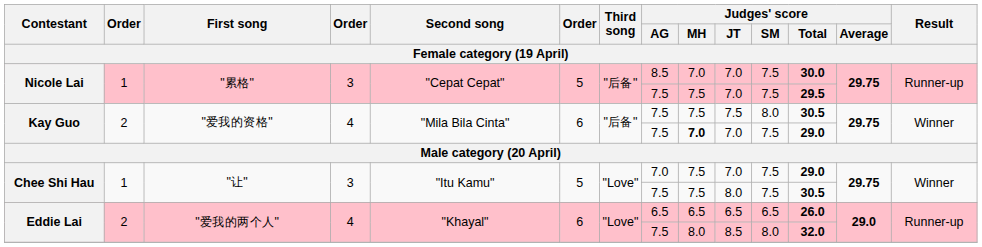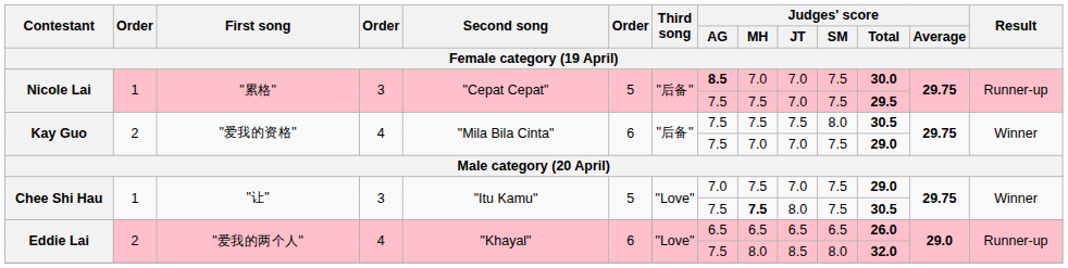 <table class="wikitable plainrowheaders" style="text-align:center;">
 <tr>
 <th rowspan=2 scope="col" style="width:8em;">Contestant</th>
 <th rowspan=2 scope="col">Order</th>
 <th rowspan=2 scope="col" style="width:17em;">First song</th>
 <th rowspan=2 scope="col">Order</th>
 <th rowspan=2 scope="col" style="width:17em;">Second song</th>
 <th rowspan=2 scope="col">Order</th>
 <th rowspan=2 scope="col" style="width:147m;">Third song</th>
 <th colspan=6 scope="col">Judges' score</th>
 <th rowspan=2 scope="col" style="width:7em;">Result</th>
 </tr>
 <tr>
 <th style="width:2.7em;">AG</th>
 <th style="width:2.7em;">MH</th>
 <th style="width:2.7em;">JT</th>
 <th style="width:2.7em;">SM</th>
 <th style="width:3.6em;">Total</th>
 <th style="width:3.6em;">Average</th>
 </tr>
 <tr>
 <th colspan=14>Female category (19 April)</th>
 </tr>
 <tr style="background:pink;">
 <th rowspan=2 scope="row">Nicole Lai</th>
 <td rowspan="2">1</td>
 <td rowspan="2">"累格"</td>
 <td rowspan="2">3</td>
 <td rowspan="2">"Cepat Cepat"</td>
 <td rowspan="2">5</td>
 <td rowspan="2">"后备"</td>
-<td>8.5</td>
+<td><strong>8.5</strong></td>
 <td>7.0</td>
 <td>7.0</td>
 <td>7.5</td>
 <td><strong>30.0</strong></td>
 <td rowspan="2"><strong>29.75</strong></td>
 <td rowspan="2">Runner-up</td>
 </tr>
 <tr style="background:pink;">
 <td>7.5</td>
 <td>7.5</td>
 <td>7.0</td>
 <td>7.5</td>
 <td><strong>29.5</strong></td>
 </tr>
 <tr>
 <th rowspan=2 scope="row">Kay Guo</th>
 <td rowspan="2">2</td>
 <td rowspan="2">"爱我的资格"</td>
 <td rowspan="2">4</td>
 <td rowspan="2">"Mila Bila Cinta"</td>
 <td rowspan="2">6</td>
 <td rowspan="2">"后备"</td>
 <td>7.5</td>
 <td>7.5</td>
 <td>7.5</td>
 <td>8.0</td>
 <td><strong>30.5</strong></td>
 <td rowspan="2"><strong>29.75</strong></td>
 <td rowspan="2">Winner</td>
 </tr>
 <tr>
 <td>7.5</td>
-<td><strong>7.0</strong></td>
+<td>7.0</td>
 <td>7.0</td>
 <td>7.5</td>
 <td><strong>29.0</strong></td>
 </tr>
 <tr>
 <th colspan=14>Male category (20 April)</th>
 </tr>
 <tr>
 <th rowspan=2 scope="row">Chee Shi Hau</th>
 <td rowspan="2">1</td>
 <td rowspan="2">"让"</td>
 <td rowspan="2">3</td>
 <td rowspan="2">"Itu Kamu"</td>
 <td rowspan="2">5</td>
 <td rowspan="2">"Love"</td>
 <td>7.0</td>
 <td>7.5</td>
 <td>7.0</td>
 <td>7.5</td>
 <td><strong>29.0</strong></td>
 <td rowspan="2"><strong>29.75</strong></td>
 <td rowspan="2">Winner</td>
 </tr>
 <tr>
 <td>7.5</td>
-<td>7.5</td>
+<td><strong>7.5</strong></td>
 <td>8.0</td>
 <td>7.5</td>
 <td><strong>30.5</strong></td>
 </tr>
 <tr style="background:pink;">
 <th rowspan=2 scope="row">Eddie Lai</th>
 <td rowspan="2">2</td>
 <td rowspan="2">"爱我的两个人"</td>
 <td rowspan="2">4</td>
 <td rowspan="2">"Khayal"</td>
 <td rowspan="2">6</td>
 <td rowspan="2">"Love"</td>
 <td>6.5</td>
 <td>6.5</td>
 <td>6.5</td>
 <td>6.5</td>
 <td><strong>26.0</strong></td>
 <td rowspan="2"><strong>29.0</strong></td>
 <td rowspan="2">Runner-up</td>
 </tr>
 <tr style="background:pink;">
 <td>7.5</td>
 <td>8.0</td>
 <td>8.5</td>
 <td>8.0</td>
 <td><strong>32.0</strong></td>
 </tr>
 <tr>
 </tr>
 </table>
